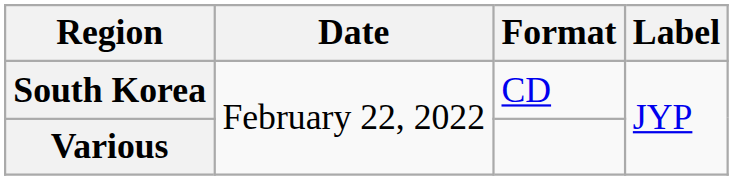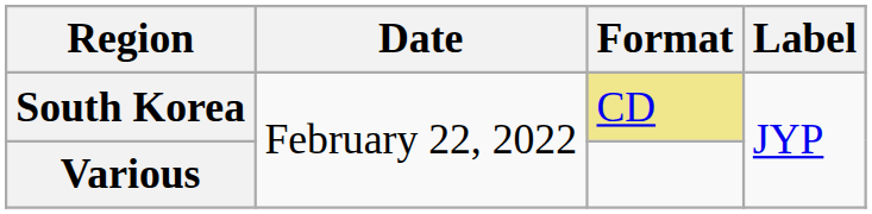 <table class="wikitable plainrowheaders">
 <tr>
 <th scope="col">Region</th>
 <th scope="col">Date</th>
 <th scope="col">Format</th>
 <th scope="col">Label</th>
 </tr>
 <tr>
 <th scope="row">South Korea</th>
 <td rowspan="2">February 22, 2022</td>
-<td><a href='#'>CD</a></td>
+<td style="background: khaki;"><a href='#'>CD</a></td>
 <td rowspan="2"><a href='#'>JYP</a></td>
 </tr>
 <tr>
 <th scope="row">Various</th>
 <td></td>
 </tr>
 </table>
